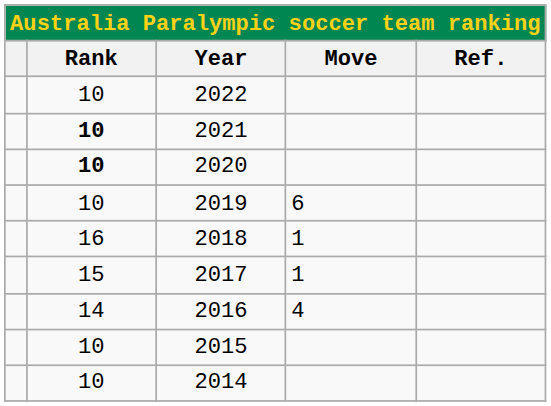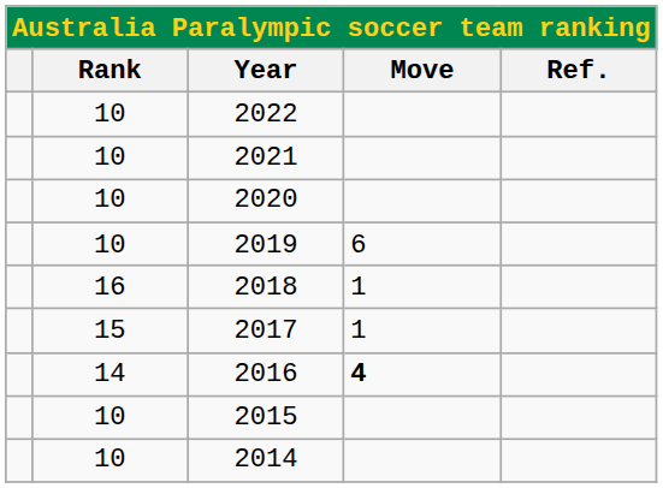 <table class="wikitable sortable" style="text-align:center;">
 <tr>
 <th colspan="5" style="background: #008751; color: #FCD116;">Australia Paralympic soccer team ranking</th>
 </tr>
 <tr>
 <th></th>
 <th>Rank</th>
 <th>Year</th>
 <th>Move</th>
 <th><strong>Ref.</strong></th>
 </tr>
 <tr>
 <td></td>
 <td>10</td>
 <td>2022</td>
 <td align="left"></td>
 <td></td>
 </tr>
 <tr>
 <td></td>
-<td><strong>10</strong></td>
+<td>10</td>
 <td>2021</td>
 <td align="left"></td>
 <td></td>
 </tr>
 <tr>
 <td></td>
-<td><strong>10</strong></td>
+<td>10</td>
 <td>2020</td>
 <td align="left"></td>
 <td></td>
 </tr>
 <tr>
 <td></td>
 <td>10</td>
 <td>2019</td>
 <td align="left">  6</td>
 <td></td>
 </tr>
 <tr>
 <td></td>
 <td>16</td>
 <td>2018</td>
 <td align="left">  1</td>
 <td></td>
 </tr>
 <tr>
 <td></td>
 <td>15</td>
 <td>2017</td>
 <td align="left">  1</td>
 <td></td>
 </tr>
 <tr>
 <td></td>
 <td>14</td>
 <td>2016</td>
-<td align="left">  4</td>
+<td align="left"><strong>  4</strong></td>
 <td></td>
 </tr>
 <tr>
 <td></td>
 <td>10</td>
 <td>2015</td>
 <td align="left"></td>
 <td></td>
 </tr>
 <tr>
 <td></td>
 <td>10</td>
 <td>2014</td>
 <td></td>
 <td></td>
 </tr>
 </table>
